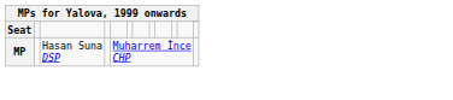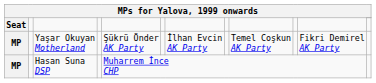 <table class="wikitable">
 <tr>
 <th colspan = 12>MPs for Yalova, 1999 onwards</th>
 </tr>
 <tr>
 <th rowspan = 2>Seat</th>
 <td rowspan="2" style="width:1px;"></td>
 <td rowspan = 2></td>
 <td rowspan="2" style="width:1px;"></td>
 <td rowspan = 2></td>
 <td rowspan="2" style="width:1px;"></td>
 <td rowspan = 2></td>
 <td rowspan="2" style="width:1px;"></td>
 <td rowspan = 2></td>
 <td rowspan="2" style="width:1px;"></td>
 <td rowspan = 2></td>
 </tr>
 <tr>
 <td></td>
 </tr>
 <tr>
 <th>MP</th>
 <td width=1px style="background-color: "></td>
+<td colspan = 1>Yaşar Okuyan<br><em><a href='#'>Motherland</a></em></td>
+<td width=1px style="background-color: "></td>
+<td colspan = 1>Şükrü Önder<br><em><a href='#'>AK Party</a></em></td>
+<td width=1px style="background-color: "></td>
+<td colspan = 1>İlhan Evcin<br><em><a href='#'>AK Party</a></em></td>
+<td width=1px style="background-color: "></td>
+<td colspan = 1>Temel Coşkun<br><em><a href='#'>AK Party</a></em></td>
+<td width=1px style="background-color: "></td>
+<td colspan = 1>Fikri Demirel<br><em><a href='#'>AK Party</a></em></td>
+<td width=1px style="background-color: "></td>
+</tr>
+<tr>
+<th>MP</th>
+<td width=1px style="background-color: "></td>
 <td colspan = 1>Hasan Suna<br><em><a href='#'>DSP</a></em></td>
 <td width=1px style="background-color: "></td>
 <td colspan = 7><a href='#'>Muharrem İnce</a><br><em><a href='#'>CHP</a></em></td>
 <td width=1px style="background-color: "></td>
 </tr>
 </table>
